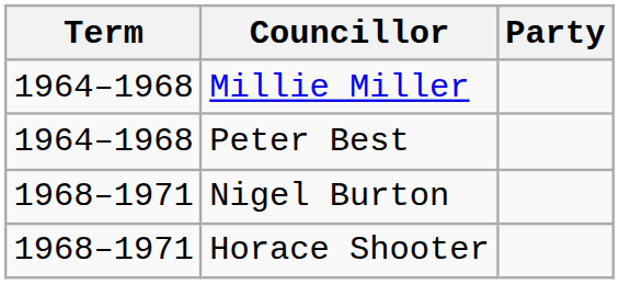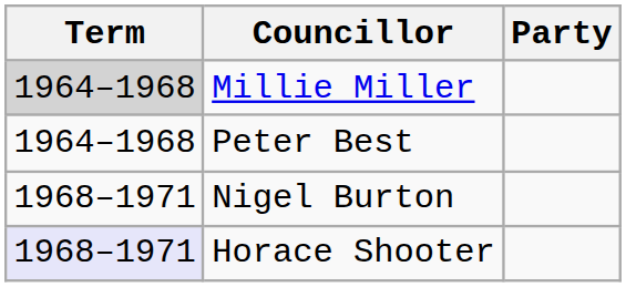 <table class="wikitable">
 <tr>
 <th>Term</th>
 <th>Councillor</th>
 <th colspan=2>Party</th>
 </tr>
 <tr>
-<td>1964–1968</td>
+<td style="background: lightgrey;">1964–1968</td>
 <td><a href='#'>Millie Miller</a></td>
 <td></td>
 </tr>
 <tr>
 <td>1964–1968</td>
 <td>Peter Best</td>
 <td></td>
 </tr>
 <tr>
 <td>1968–1971</td>
 <td>Nigel Burton</td>
 <td></td>
 </tr>
 <tr>
-<td>1968–1971</td>
+<td style="background: lavender;">1968–1971</td>
 <td>Horace Shooter</td>
 <td></td>
 </tr>
 </table>
